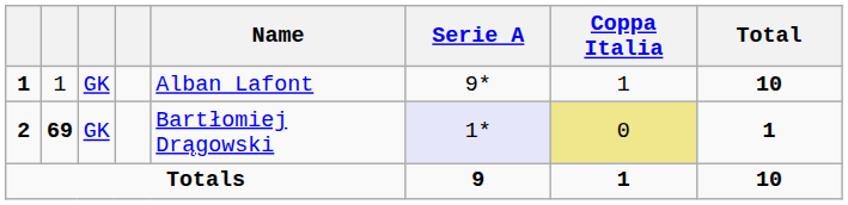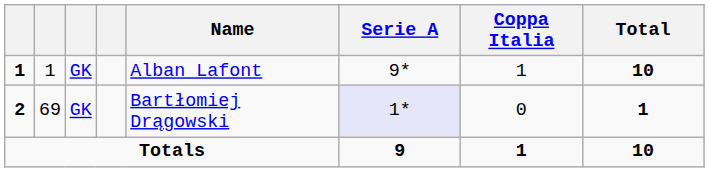 <table class="wikitable" style="text-align:center">
 <tr>
 <th width=15></th>
 <th width=15></th>
 <th width=15></th>
 <th width=15></th>
 <th width=145>Name</th>
 <th width=80><a href='#'>Serie A</a></th>
 <th width=80><a href='#'>Coppa Italia</a></th>
 <th width=80>Total</th>
 </tr>
 <tr>
 <td><strong>1</strong></td>
 <td>1</td>
 <td><a href='#'>GK</a></td>
 <td></td>
 <td align=left><a href='#'>Alban Lafont</a></td>
 <td>9*</td>
 <td>1</td>
 <td><strong>10</strong></td>
 </tr>
 <tr>
 <td><strong>2</strong></td>
-<td><strong>69</strong></td>
+<td>69</td>
 <td><a href='#'>GK</a></td>
 <td></td>
 <td align=left><a href='#'>Bartłomiej Drągowski</a></td>
 <td style="background: lavender;">1*</td>
-<td style="background: khaki;">0</td>
+<td>0</td>
 <td><strong>1</strong></td>
 </tr>
 <tr>
 <td colspan=5><strong>Totals</strong></td>
 <td><strong>9</strong></td>
 <td><strong>1</strong></td>
 <td><strong>10</strong></td>
 </tr>
 </table>
